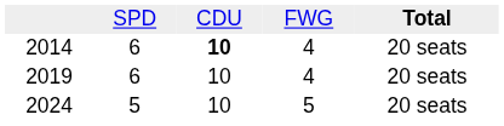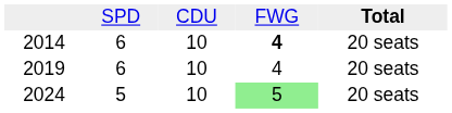 <table border="0" cellpadding="2" cellspacing="0" width="60%">
 <tr bgcolor="#eeeeee" align="center">
 <td></td>
 <td><a href='#'>SPD</a></td>
 <td><a href='#'>CDU</a></td>
 <td><a href='#'>FWG</a></td>
 <td><strong>Total</strong></td>
 </tr>
 <tr align="center">
 <td>2014</td>
 <td>6</td>
-<td><strong>10</strong></td>
-<td>4</td>
+<td>10</td>
+<td><strong>4</strong></td>
 <td>20 seats</td>
 </tr>
 <tr align="center">
 <td>2019</td>
 <td>6</td>
 <td>10</td>
 <td>4</td>
 <td>20 seats</td>
 </tr>
 <tr align="center">
 <td>2024</td>
 <td>5</td>
 <td>10</td>
-<td>5</td>
+<td style="background: lightgreen;">5</td>
 <td>20 seats</td>
 </tr>
 </table>
